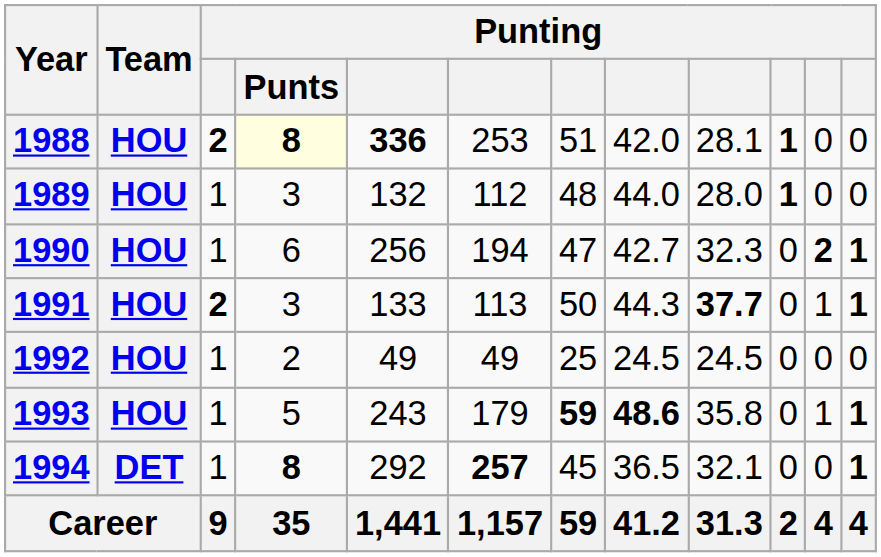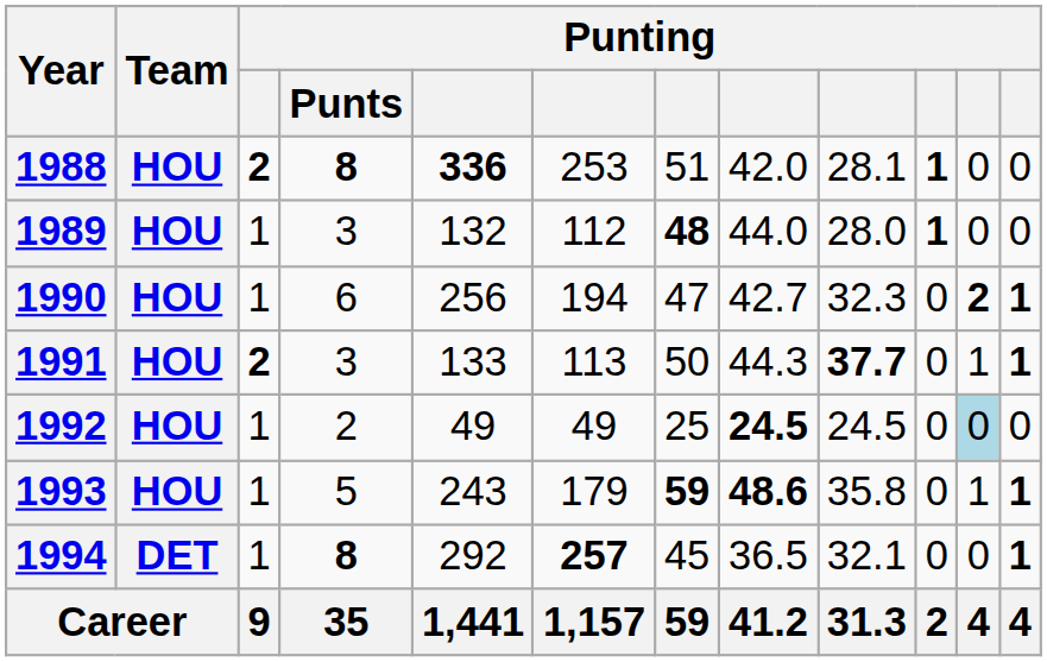 <table class=wikitable style="text-align:center;">
 <tr>
 <th rowspan="2">Year</th>
 <th rowspan="2">Team</th>
 <th colspan="10">Punting</th>
 </tr>
 <tr>
 <th></th>
 <th>Punts</th>
 <th></th>
 <th></th>
 <th></th>
 <th></th>
 <th></th>
 <th></th>
 <th></th>
 <th></th>
 </tr>
 <tr>
 <th><a href='#'>1988</a></th>
 <th><a href='#'>HOU</a></th>
 <td><strong>2</strong></td>
-<td style="background: lightyellow;"><strong>8</strong></td>
+<td><strong>8</strong></td>
 <td><strong>336</strong></td>
 <td>253</td>
 <td>51</td>
 <td>42.0</td>
 <td>28.1</td>
 <td><strong>1</strong></td>
 <td>0</td>
 <td>0</td>
 </tr>
 <tr>
 <th><a href='#'>1989</a></th>
 <th><a href='#'>HOU</a></th>
 <td>1</td>
 <td>3</td>
 <td>132</td>
 <td>112</td>
-<td>48</td>
+<td><strong>48</strong></td>
 <td>44.0</td>
 <td>28.0</td>
 <td><strong>1</strong></td>
 <td>0</td>
 <td>0</td>
 </tr>
 <tr>
 <th><a href='#'>1990</a></th>
 <th><a href='#'>HOU</a></th>
 <td>1</td>
 <td>6</td>
 <td>256</td>
 <td>194</td>
 <td>47</td>
 <td>42.7</td>
 <td>32.3</td>
 <td>0</td>
 <td><strong>2</strong></td>
 <td><strong>1</strong></td>
 </tr>
 <tr>
 <th><a href='#'>1991</a></th>
 <th><a href='#'>HOU</a></th>
 <td><strong>2</strong></td>
 <td>3</td>
 <td>133</td>
 <td>113</td>
 <td>50</td>
 <td>44.3</td>
 <td><strong>37.7</strong></td>
 <td>0</td>
 <td>1</td>
 <td><strong>1</strong></td>
 </tr>
 <tr>
 <th><a href='#'>1992</a></th>
 <th><a href='#'>HOU</a></th>
 <td>1</td>
 <td>2</td>
 <td>49</td>
 <td>49</td>
 <td>25</td>
-<td>24.5</td>
+<td><strong>24.5</strong></td>
 <td>24.5</td>
 <td>0</td>
-<td>0</td>
+<td style="background: lightblue;">0</td>
 <td>0</td>
 </tr>
 <tr>
 <th><a href='#'>1993</a></th>
 <th><a href='#'>HOU</a></th>
 <td>1</td>
 <td>5</td>
 <td>243</td>
 <td>179</td>
 <td><strong>59</strong></td>
 <td><strong>48.6</strong></td>
 <td>35.8</td>
 <td>0</td>
 <td>1</td>
 <td><strong>1</strong></td>
 </tr>
 <tr>
 <th><a href='#'>1994</a></th>
 <th><a href='#'>DET</a></th>
 <td>1</td>
 <td><strong>8</strong></td>
 <td>292</td>
 <td><strong>257</strong></td>
 <td>45</td>
 <td>36.5</td>
 <td>32.1</td>
 <td>0</td>
 <td>0</td>
 <td><strong>1</strong></td>
 </tr>
 <tr>
 <th colspan="2">Career</th>
 <th>9</th>
 <th>35</th>
 <th>1,441</th>
 <th>1,157</th>
 <th>59</th>
 <th>41.2</th>
 <th>31.3</th>
 <th>2</th>
 <th>4</th>
 <th>4</th>
 </tr>
 </table>
